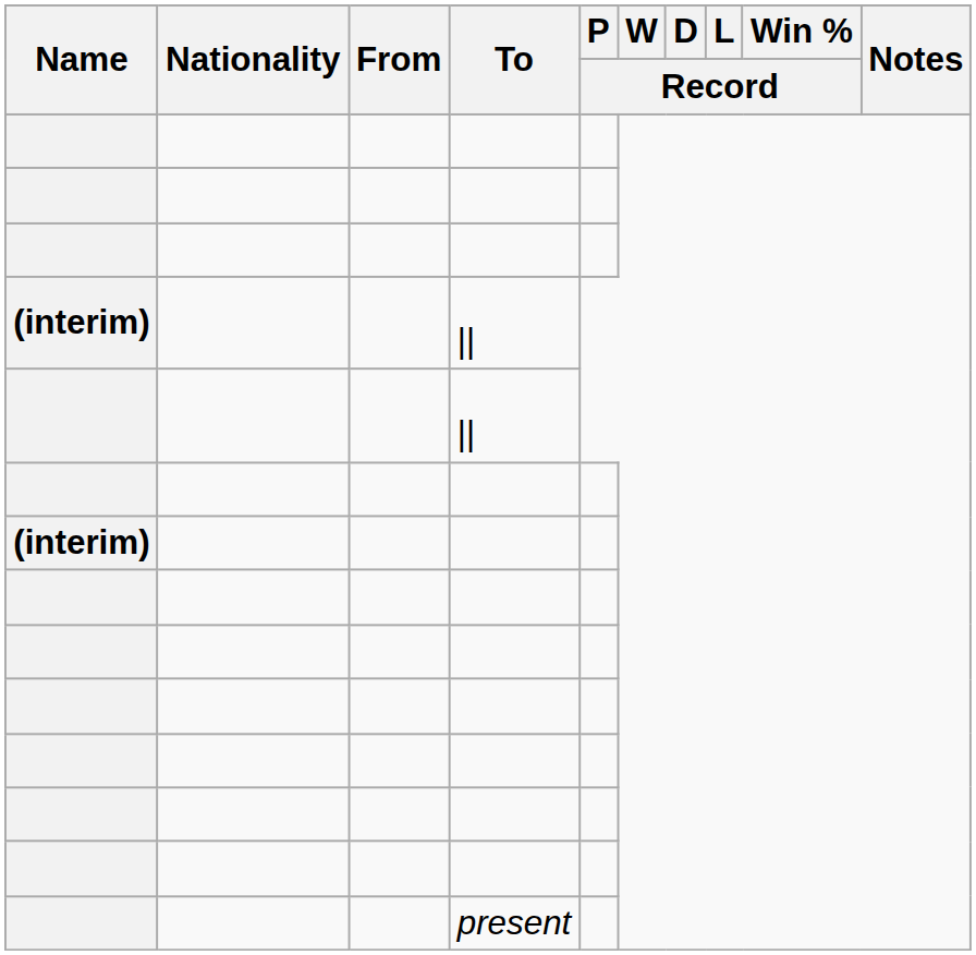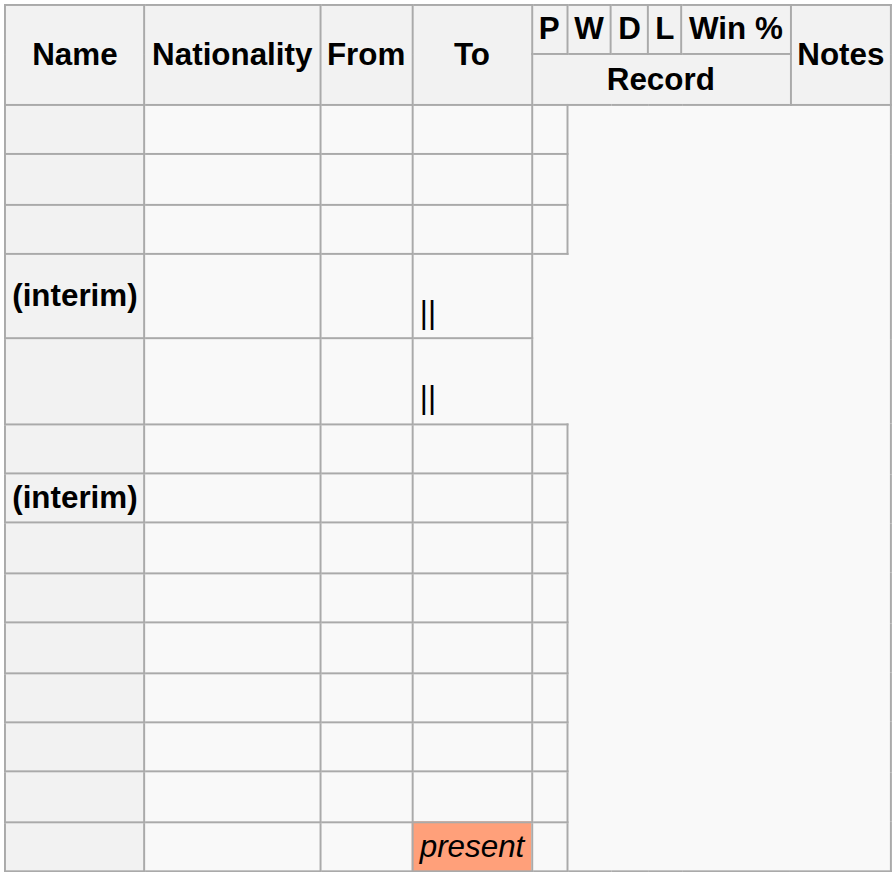 <table class="wikitable plainrowheaders sortable" style="text-align:center">
 <tr>
 <th rowspan="2" scope=col>Name</th>
 <th rowspan="2" scope=col>Nationality</th>
 <th rowspan="2" scope=col>From</th>
 <th rowspan="2" class="unsortable" scope=col>To</th>
 <th scope=col>P</th>
 <th scope=col>W</th>
 <th scope=col>D</th>
 <th scope=col>L</th>
 <th scope=col>Win %</th>
 <th rowspan="2" scope=col>Notes</th>
 </tr>
 <tr class="unsortable">
 <th colspan="5">Record</th>
 </tr>
 <tr>
 <th scope=row style=text-align:left></th>
 <td align=left></td>
 <td align=left></td>
 <td align=left><br></td>
 <td></td>
 </tr>
 <tr>
 <th scope=row style=text-align:left></th>
 <td align=left></td>
 <td align=left></td>
 <td align=left><br></td>
 <td></td>
 </tr>
 <tr>
 <th scope=row style=text-align:left></th>
 <td align=left></td>
 <td align=left></td>
 <td align=left><br></td>
 <td></td>
 </tr>
 <tr>
 <th scope=row style=text-align:left> (interim)</th>
 <td align=left></td>
 <td align=left></td>
 <td align=left><br>||</td>
 </tr>
 <tr>
 <th scope=row style=text-align:left></th>
 <td align=left></td>
 <td align=left></td>
 <td align=left><br>||</td>
 </tr>
 <tr>
 <th scope=row style=text-align:left></th>
 <td align=left></td>
 <td align=left></td>
 <td align=left><br></td>
 <td></td>
 </tr>
 <tr>
 <th scope=row style=text-align:left> (interim)</th>
 <td align=left></td>
 <td align=left></td>
 <td align=left><br></td>
 <td></td>
 </tr>
 <tr>
 <th scope=row style=text-align:left></th>
 <td align=left></td>
 <td align=left></td>
 <td align=left><br></td>
 <td></td>
 </tr>
 <tr>
 <th scope=row style=text-align:left></th>
 <td align=left></td>
 <td align=left></td>
 <td align=left><br></td>
 <td></td>
 </tr>
 <tr>
 <th scope=row style=text-align:left></th>
 <td align=left></td>
 <td align=left></td>
 <td align=left><br></td>
 <td></td>
 </tr>
 <tr>
 <th scope=row style=text-align:left></th>
 <td align=left></td>
 <td align=left></td>
 <td align=left><br></td>
 <td></td>
 </tr>
 <tr>
 <th scope=row style=text-align:left></th>
 <td align=left></td>
 <td align=left></td>
 <td align=left><br></td>
 <td></td>
 </tr>
 <tr>
 <th scope=row style=text-align:left></th>
 <td align=left></td>
 <td align=left></td>
 <td align=left><br></td>
 <td></td>
 </tr>
 <tr>
 <th scope=row style=text-align:left></th>
 <td align=left></td>
 <td align=left></td>
-<td align=left><em>present</em><br></td>
+<td align=left style="background: lightsalmon;"><em>present</em><br></td>
 <td></td>
 </tr>
 </table>
